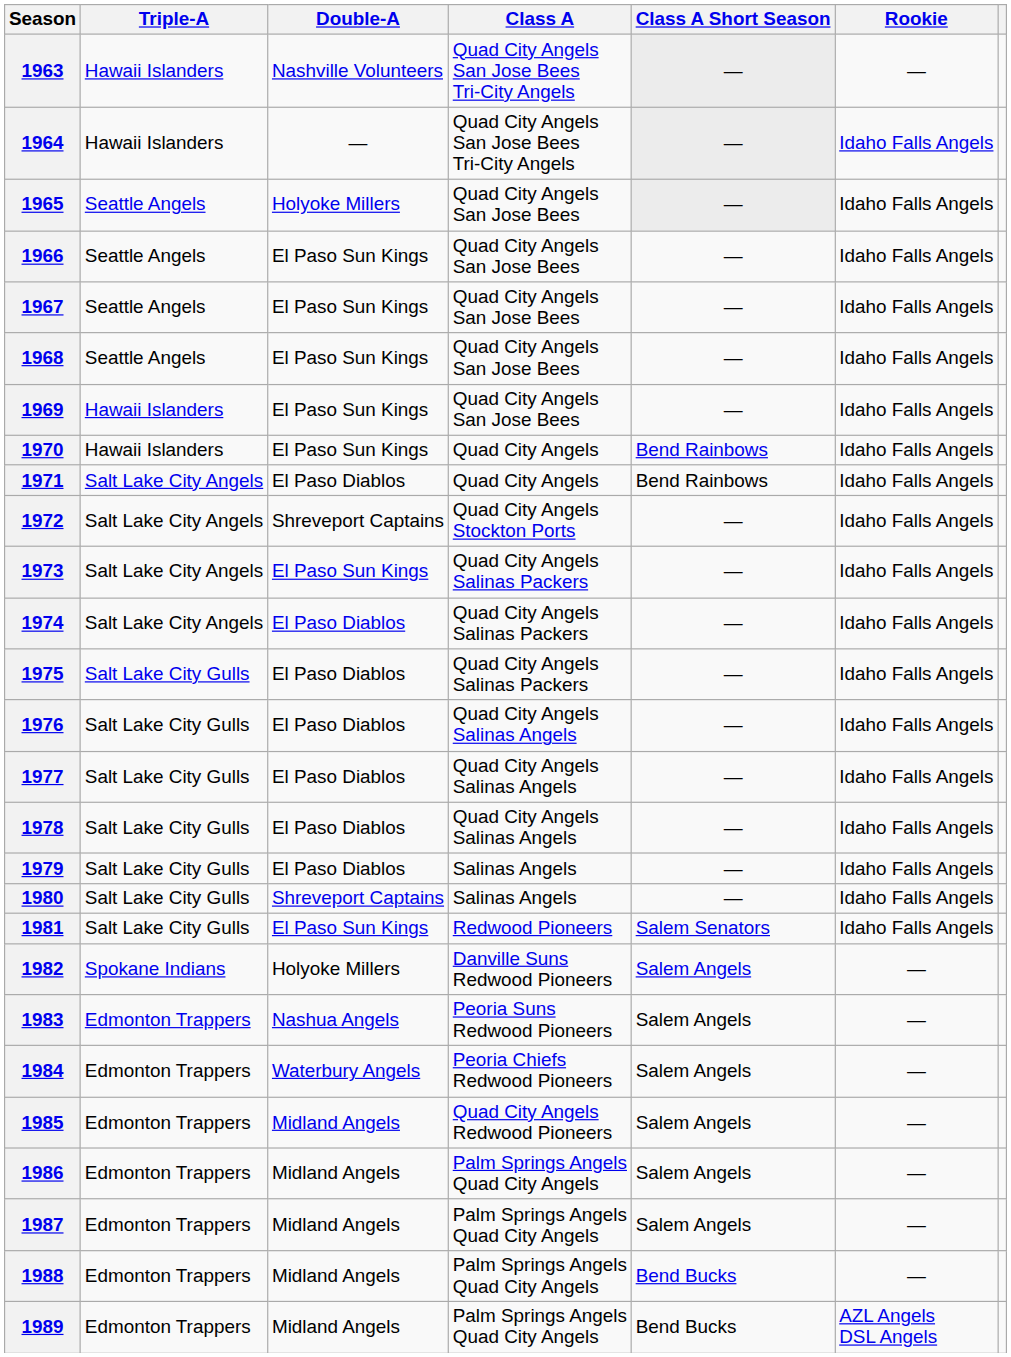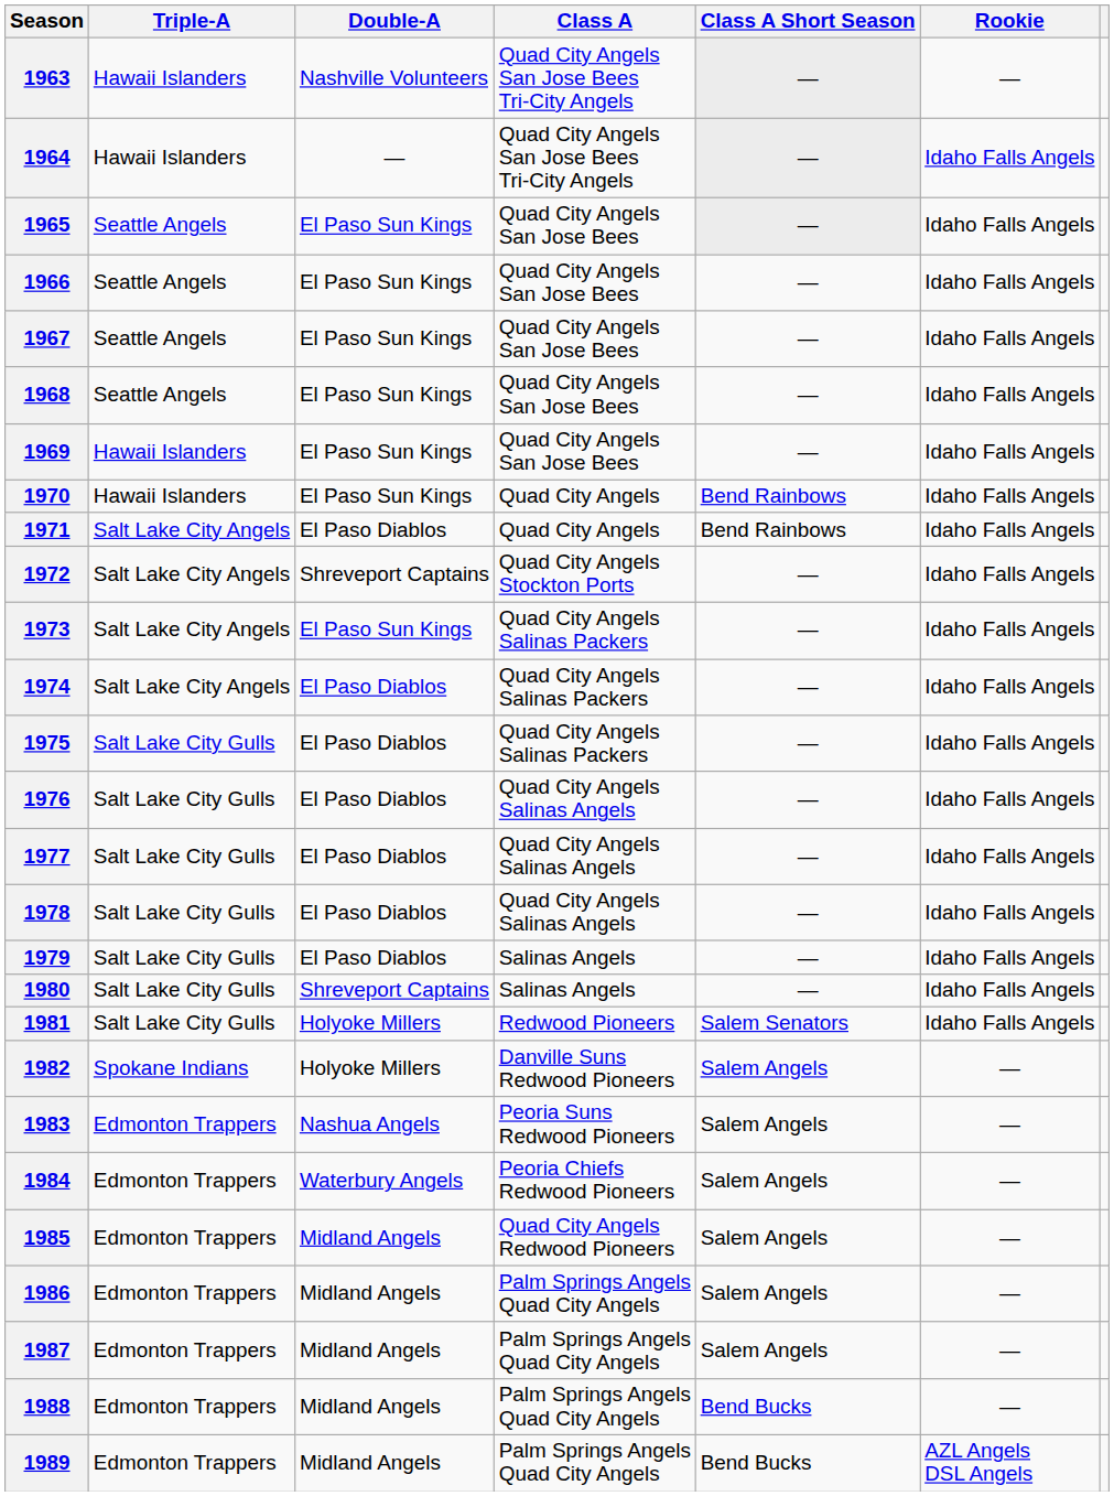 <table class="wikitable plainrowheaders">
 <tr>
 <th scope="col">Season</th>
 <th scope="col"><a href='#'><span>Triple-A</span></a></th>
 <th scope="col"><a href='#'><span>Double-A</span></a></th>
 <th scope="col"><a href='#'><span>Class A</span></a></th>
 <th scope="col"><a href='#'><span>Class A Short Season</span></a></th>
 <th scope="col"><a href='#'><span>Rookie</span></a></th>
 <th scope="col"></th>
 </tr>
 <tr>
 <th scope="row" style="text-align:center"><a href='#'>1963</a></th>
 <td><a href='#'>Hawaii Islanders</a></td>
 <td><a href='#'>Nashville Volunteers</a></td>
 <td><a href='#'>Quad City Angels</a><br><a href='#'>San Jose Bees</a><br><a href='#'>Tri-City Angels</a></td>
 <td style="background:#ececec" align="center">—</td>
 <td align="center">—</td>
 <td align="center"></td>
 </tr>
 <tr>
 <th scope="row" style="text-align:center"><a href='#'>1964</a></th>
 <td>Hawaii Islanders</td>
 <td align="center">—</td>
 <td>Quad City Angels<br>San Jose Bees<br>Tri-City Angels</td>
 <td style="background:#ececec" align="center">—</td>
 <td><a href='#'>Idaho Falls Angels</a></td>
 <td align="center"></td>
 </tr>
 <tr>
 <th scope="row" style="text-align:center"><a href='#'>1965</a></th>
 <td><a href='#'>Seattle Angels</a></td>
-<td><a href='#'>Holyoke Millers</a></td>
+<td><a href='#'>El Paso Sun Kings</a></td>
 <td>Quad City Angels<br>San Jose Bees</td>
 <td style="background:#ececec" align="center">—</td>
 <td>Idaho Falls Angels</td>
 <td align="center"></td>
 </tr>
 <tr>
 <th scope="row" style="text-align:center"><a href='#'>1966</a></th>
 <td>Seattle Angels</td>
 <td>El Paso Sun Kings</td>
 <td>Quad City Angels<br>San Jose Bees</td>
 <td align="center">—</td>
 <td>Idaho Falls Angels</td>
 <td align="center"></td>
 </tr>
 <tr>
 <th scope="row" style="text-align:center"><a href='#'>1967</a></th>
 <td>Seattle Angels</td>
 <td>El Paso Sun Kings</td>
 <td>Quad City Angels<br>San Jose Bees</td>
 <td align="center">—</td>
 <td>Idaho Falls Angels</td>
 <td align="center"></td>
 </tr>
 <tr>
 <th scope="row" style="text-align:center"><a href='#'>1968</a></th>
 <td>Seattle Angels</td>
 <td>El Paso Sun Kings</td>
 <td>Quad City Angels<br>San Jose Bees</td>
 <td align="center">—</td>
 <td>Idaho Falls Angels</td>
 <td align="center"></td>
 </tr>
 <tr>
 <th scope="row" style="text-align:center"><a href='#'>1969</a></th>
 <td><a href='#'>Hawaii Islanders</a></td>
 <td>El Paso Sun Kings</td>
 <td>Quad City Angels<br>San Jose Bees</td>
 <td align="center">—</td>
 <td>Idaho Falls Angels</td>
 <td align="center"></td>
 </tr>
 <tr>
 <th scope="row" style="text-align:center"><a href='#'>1970</a></th>
 <td>Hawaii Islanders</td>
 <td>El Paso Sun Kings</td>
 <td>Quad City Angels</td>
 <td><a href='#'>Bend Rainbows</a></td>
 <td>Idaho Falls Angels</td>
 <td align="center"></td>
 </tr>
 <tr>
 <th scope="row" style="text-align:center"><a href='#'>1971</a></th>
 <td><a href='#'>Salt Lake City Angels</a></td>
 <td>El Paso Diablos</td>
 <td>Quad City Angels</td>
 <td>Bend Rainbows</td>
 <td>Idaho Falls Angels</td>
 <td align="center"></td>
 </tr>
 <tr>
 <th scope="row" style="text-align:center"><a href='#'>1972</a></th>
 <td>Salt Lake City Angels</td>
 <td>Shreveport Captains</td>
 <td>Quad City Angels<br><a href='#'>Stockton Ports</a></td>
 <td align="center">—</td>
 <td>Idaho Falls Angels</td>
 <td align="center"></td>
 </tr>
 <tr>
 <th scope="row" style="text-align:center"><a href='#'>1973</a></th>
 <td>Salt Lake City Angels</td>
 <td><a href='#'>El Paso Sun Kings</a></td>
 <td>Quad City Angels<br><a href='#'>Salinas Packers</a></td>
 <td align="center">—</td>
 <td>Idaho Falls Angels</td>
 <td align="center"></td>
 </tr>
 <tr>
 <th scope="row" style="text-align:center"><a href='#'>1974</a></th>
 <td>Salt Lake City Angels</td>
 <td><a href='#'>El Paso Diablos</a></td>
 <td>Quad City Angels<br>Salinas Packers</td>
 <td align="center">—</td>
 <td>Idaho Falls Angels</td>
 <td align="center"></td>
 </tr>
 <tr>
 <th scope="row" style="text-align:center"><a href='#'>1975</a></th>
 <td><a href='#'>Salt Lake City Gulls</a></td>
 <td>El Paso Diablos</td>
 <td>Quad City Angels<br>Salinas Packers</td>
 <td align="center">—</td>
 <td>Idaho Falls Angels</td>
 <td align="center"></td>
 </tr>
 <tr>
 <th scope="row" style="text-align:center"><a href='#'>1976</a></th>
 <td>Salt Lake City Gulls</td>
 <td>El Paso Diablos</td>
 <td>Quad City Angels<br><a href='#'>Salinas Angels</a></td>
 <td align="center">—</td>
 <td>Idaho Falls Angels</td>
 <td align="center"></td>
 </tr>
 <tr>
 <th scope="row" style="text-align:center"><a href='#'>1977</a></th>
 <td>Salt Lake City Gulls</td>
 <td>El Paso Diablos</td>
 <td>Quad City Angels<br>Salinas Angels</td>
 <td align="center">—</td>
 <td>Idaho Falls Angels</td>
 <td align="center"></td>
 </tr>
 <tr>
 <th scope="row" style="text-align:center"><a href='#'>1978</a></th>
 <td>Salt Lake City Gulls</td>
 <td>El Paso Diablos</td>
 <td>Quad City Angels<br>Salinas Angels</td>
 <td align="center">—</td>
 <td>Idaho Falls Angels</td>
 <td align="center"></td>
 </tr>
 <tr>
 <th scope="row" style="text-align:center"><a href='#'>1979</a></th>
 <td>Salt Lake City Gulls</td>
 <td>El Paso Diablos</td>
 <td>Salinas Angels</td>
 <td align="center">—</td>
 <td>Idaho Falls Angels</td>
 <td align="center"></td>
 </tr>
 <tr>
 <th scope="row" style="text-align:center"><a href='#'>1980</a></th>
 <td>Salt Lake City Gulls</td>
 <td><a href='#'>Shreveport Captains</a></td>
 <td>Salinas Angels</td>
 <td align="center">—</td>
 <td>Idaho Falls Angels</td>
 <td align="center"></td>
 </tr>
 <tr>
 <th scope="row" style="text-align:center"><a href='#'>1981</a></th>
 <td>Salt Lake City Gulls</td>
-<td><a href='#'>El Paso Sun Kings</a></td>
+<td><a href='#'>Holyoke Millers</a></td>
 <td><a href='#'>Redwood Pioneers</a></td>
 <td><a href='#'>Salem Senators</a></td>
 <td>Idaho Falls Angels</td>
 <td align="center"></td>
 </tr>
 <tr>
 <th scope="row" style="text-align:center"><a href='#'>1982</a></th>
 <td><a href='#'>Spokane Indians</a></td>
 <td>Holyoke Millers</td>
 <td><a href='#'>Danville Suns</a><br>Redwood Pioneers</td>
 <td><a href='#'>Salem Angels</a></td>
 <td align="center">—</td>
 <td align="center"></td>
 </tr>
 <tr>
 <th scope="row" style="text-align:center"><a href='#'>1983</a></th>
 <td><a href='#'>Edmonton Trappers</a></td>
 <td><a href='#'>Nashua Angels</a></td>
 <td><a href='#'>Peoria Suns</a><br>Redwood Pioneers</td>
 <td>Salem Angels</td>
 <td align="center">—</td>
 <td align="center"></td>
 </tr>
 <tr>
 <th scope="row" style="text-align:center"><a href='#'>1984</a></th>
 <td>Edmonton Trappers</td>
 <td><a href='#'>Waterbury Angels</a></td>
 <td><a href='#'>Peoria Chiefs</a><br>Redwood Pioneers</td>
 <td>Salem Angels</td>
 <td align="center">—</td>
 <td align="center"></td>
 </tr>
 <tr>
 <th scope="row" style="text-align:center"><a href='#'>1985</a></th>
 <td>Edmonton Trappers</td>
 <td><a href='#'>Midland Angels</a></td>
 <td><a href='#'>Quad City Angels</a><br>Redwood Pioneers</td>
 <td>Salem Angels</td>
 <td align="center">—</td>
 <td align="center"></td>
 </tr>
 <tr>
 <th scope="row" style="text-align:center"><a href='#'>1986</a></th>
 <td>Edmonton Trappers</td>
 <td>Midland Angels</td>
 <td><a href='#'>Palm Springs Angels</a><br>Quad City Angels</td>
 <td>Salem Angels</td>
 <td align="center">—</td>
 <td align="center"></td>
 </tr>
 <tr>
 <th scope="row" style="text-align:center"><a href='#'>1987</a></th>
 <td>Edmonton Trappers</td>
 <td>Midland Angels</td>
 <td>Palm Springs Angels<br>Quad City Angels</td>
 <td>Salem Angels</td>
 <td align="center">—</td>
 <td align="center"></td>
 </tr>
 <tr>
 <th scope="row" style="text-align:center"><a href='#'>1988</a></th>
 <td>Edmonton Trappers</td>
 <td>Midland Angels</td>
 <td>Palm Springs Angels<br>Quad City Angels</td>
 <td><a href='#'>Bend Bucks</a></td>
 <td align="center">—</td>
 <td align="center"></td>
 </tr>
 <tr>
 <th scope="row" style="text-align:center"><a href='#'>1989</a></th>
 <td>Edmonton Trappers</td>
 <td>Midland Angels</td>
 <td>Palm Springs Angels<br>Quad City Angels</td>
 <td>Bend Bucks</td>
 <td><a href='#'>AZL Angels</a><br><a href='#'>DSL Angels</a></td>
 <td align="center"></td>
 </tr>
 </table>
